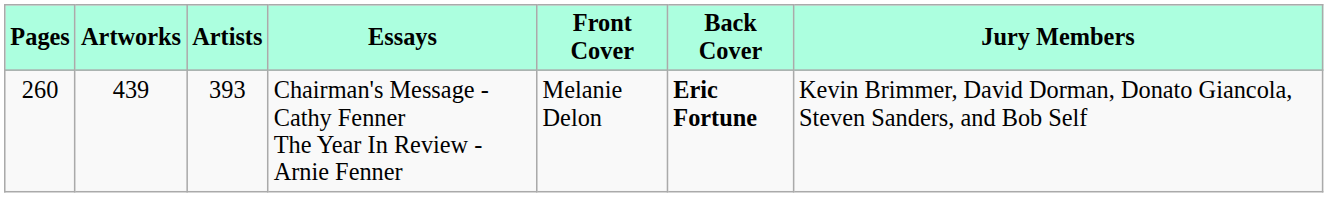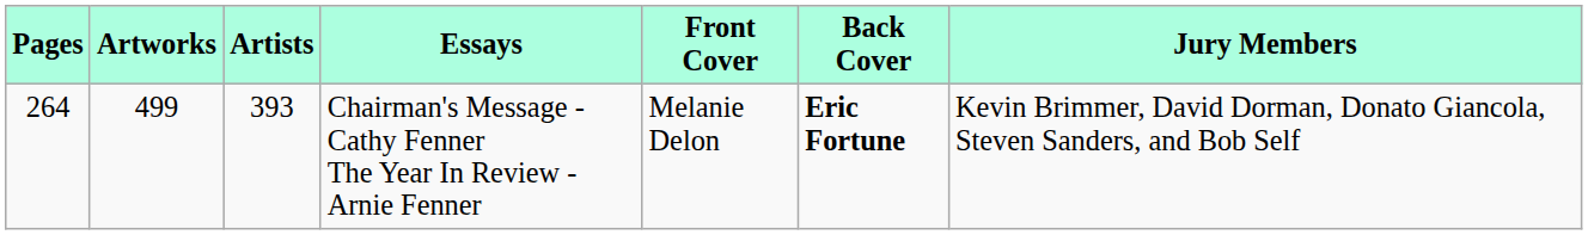 <table class="wikitable">
 <tr>
 <th style="background:#acffdf">Pages</th>
 <th style="background:#acffdf">Artworks</th>
 <th style="background:#acffdf">Artists</th>
 <th style="background:#acffdf">Essays</th>
 <th style="background:#acffdf">Front Cover</th>
 <th style="background:#acffdf">Back Cover</th>
 <th style="background:#acffdf">Jury Members</th>
 </tr>
 <tr valign="top">
-<td align="center">260</td>
-<td align="center">439</td>
+<td align="center">264</td>
+<td align="center">499</td>
 <td align="center">393</td>
 <td>Chairman's Message - Cathy Fenner<br>The Year In Review - Arnie Fenner</td>
 <td>Melanie Delon</td>
 <td><strong>Eric Fortune</strong></td>
 <td>Kevin Brimmer, David Dorman, Donato Giancola, Steven Sanders, and Bob Self</td>
 </tr>
 </table>
